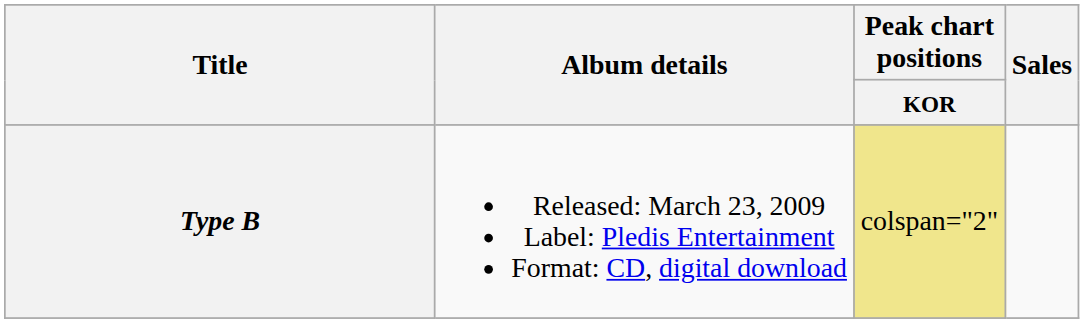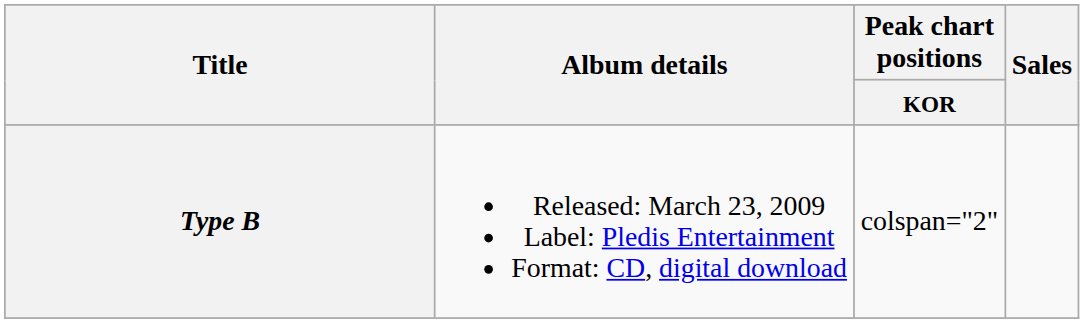 <table class="wikitable plainrowheaders" style="text-align:center;">
 <tr>
 <th scope="col" rowspan="2" style="width:15em;">Title</th>
 <th scope="col" rowspan="2">Album details</th>
 <th scope="col" colspan="1" style="width:5em;">Peak chart positions</th>
 <th scope="col" rowspan="2">Sales</th>
 </tr>
 <tr>
 <th><small>KOR</small></th>
 </tr>
 <tr>
 <th scope="row"><em>Type B</em></th>
 <td><br><ul><li>Released: March 23, 2009</li><li>Label: <a href='#'>Pledis Entertainment</a></li><li>Format: <a href='#'>CD</a>, <a href='#'>digital download</a></li></ul></td>
-<td style="background: khaki;">colspan="2" </td>
+<td>colspan="2" </td>
 </tr>
 </table>
